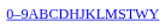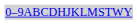 <table id="toc" class="toc" summary="Class">
 <tr>
 <th></th>
 </tr>
 <tr>
-<td style="text-align:center;"><a href='#'>0–9</a><a href='#'>A</a><a href='#'>B</a><a href='#'>C</a><a href='#'>D</a><a href='#'>H</a><a href='#'>J</a><a href='#'>K</a><a href='#'>L</a><a href='#'>M</a><a href='#'>S</a><a href='#'>T</a><a href='#'>W</a><a href='#'>Y</a></td>
+<td style="background: lightgrey; text-align:center;"><a href='#'>0–9</a><a href='#'>A</a><a href='#'>B</a><a href='#'>C</a><a href='#'>D</a><a href='#'>H</a><a href='#'>J</a><a href='#'>K</a><a href='#'>L</a><a href='#'>M</a><a href='#'>S</a><a href='#'>T</a><a href='#'>W</a><a href='#'>Y</a></td>
 </tr>
 </table>
